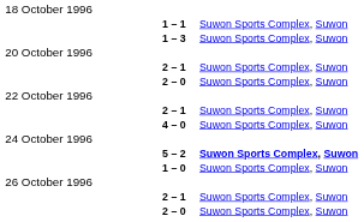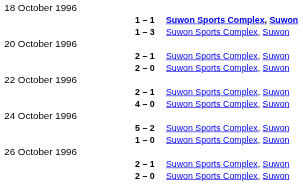 <table width=50% cellspacing=1>
 <tr>
 <td>18 October 1996</td>
 </tr>
 <tr style=font-size:90%>
 <td align=right><strong></strong></td>
 <td align=center><strong>1 – 1</strong></td>
 <td><strong></strong></td>
-<td><a href='#'>Suwon Sports Complex</a>, <a href='#'>Suwon</a></td>
+<td><strong><a href='#'>Suwon Sports Complex</a>, <a href='#'>Suwon</a></strong></td>
 </tr>
 <tr style=font-size:90%>
 <td align=right><strong></strong></td>
 <td align=center><strong>1 – 3</strong></td>
 <td><strong></strong></td>
 <td><a href='#'>Suwon Sports Complex</a>, <a href='#'>Suwon</a></td>
 </tr>
 <tr>
 <td>20 October 1996</td>
 </tr>
 <tr style=font-size:90%>
 <td align=right><strong></strong></td>
 <td align=center><strong>2 – 1</strong></td>
 <td><strong></strong></td>
 <td><a href='#'>Suwon Sports Complex</a>, <a href='#'>Suwon</a></td>
 </tr>
 <tr style=font-size:90%>
 <td align=right><strong></strong></td>
 <td align=center><strong>2 – 0</strong></td>
 <td><strong></strong></td>
 <td><a href='#'>Suwon Sports Complex</a>, <a href='#'>Suwon</a></td>
 </tr>
 <tr>
 <td>22 October 1996</td>
 </tr>
 <tr style=font-size:90%>
 <td align=right><strong></strong></td>
 <td align=center><strong>2 – 1</strong></td>
 <td><strong></strong></td>
 <td><a href='#'>Suwon Sports Complex</a>, <a href='#'>Suwon</a></td>
 </tr>
 <tr style=font-size:90%>
 <td align=right><strong></strong></td>
 <td align=center><strong>4 – 0</strong></td>
 <td><strong></strong></td>
 <td><a href='#'>Suwon Sports Complex</a>, <a href='#'>Suwon</a></td>
 </tr>
 <tr>
 <td>24 October 1996</td>
 </tr>
 <tr style=font-size:90%>
 <td align=right><strong></strong></td>
 <td align=center><strong>5 – 2</strong></td>
 <td><strong></strong></td>
-<td><strong><a href='#'>Suwon Sports Complex</a>, <a href='#'>Suwon</a></strong></td>
+<td><a href='#'>Suwon Sports Complex</a>, <a href='#'>Suwon</a></td>
 </tr>
 <tr style=font-size:90%>
 <td align=right><strong></strong></td>
 <td align=center><strong>1 – 0</strong></td>
 <td><strong></strong></td>
 <td><a href='#'>Suwon Sports Complex</a>, <a href='#'>Suwon</a></td>
 </tr>
 <tr>
 <td>26 October 1996</td>
 </tr>
 <tr style=font-size:90%>
 <td align=right><strong></strong></td>
 <td align=center><strong>2 – 1</strong></td>
 <td><strong></strong></td>
 <td><a href='#'>Suwon Sports Complex</a>, <a href='#'>Suwon</a></td>
 </tr>
 <tr style=font-size:90%>
 <td align=right><strong></strong></td>
 <td align=center><strong>2 – 0</strong></td>
 <td><strong></strong></td>
 <td><a href='#'>Suwon Sports Complex</a>, <a href='#'>Suwon</a></td>
 </tr>
 </table>
